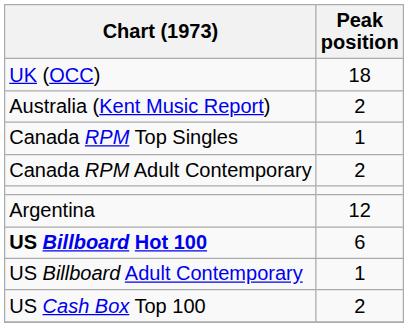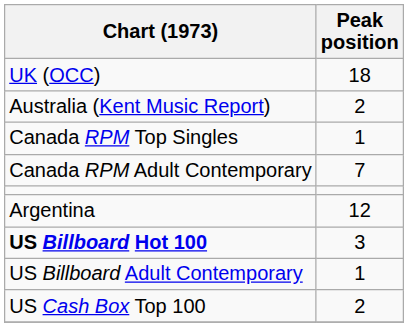 <table class="wikitable sortable">
 <tr>
 <th>Chart (1973)</th>
 <th>Peak<br>position</th>
 </tr>
 <tr>
 <td><a href='#'>UK</a> (<a href='#'>OCC</a>)</td>
 <td align="center">18</td>
 </tr>
 <tr>
 <td>Australia (<a href='#'>Kent Music Report</a>)</td>
 <td style="text-align:center;">2</td>
 </tr>
 <tr>
 <td>Canada <em><a href='#'>RPM</a></em> Top Singles</td>
 <td style="text-align:center;">1</td>
 </tr>
 <tr>
 <td>Canada <em>RPM</em> Adult Contemporary</td>
-<td style="text-align:center;">2</td>
+<td style="text-align:center;">7</td>
 </tr>
 <tr>
 <td></td>
 </tr>
 <tr>
 <td>Argentina</td>
 <td style="text-align:center;">12</td>
 </tr>
 <tr>
 <td><strong>US <em><a href='#'>Billboard</a></em> <a href='#'>Hot 100</a></strong></td>
-<td style="text-align:center;">6</td>
+<td style="text-align:center;">3</td>
 </tr>
 <tr>
 <td>US <em>Billboard</em> <a href='#'>Adult Contemporary</a></td>
 <td style="text-align:center;">1</td>
 </tr>
 <tr>
 <td>US <a href='#'><em>Cash Box</em></a> Top 100</td>
 <td align="center">2</td>
 </tr>
 <tr>
 </tr>
 </table>
